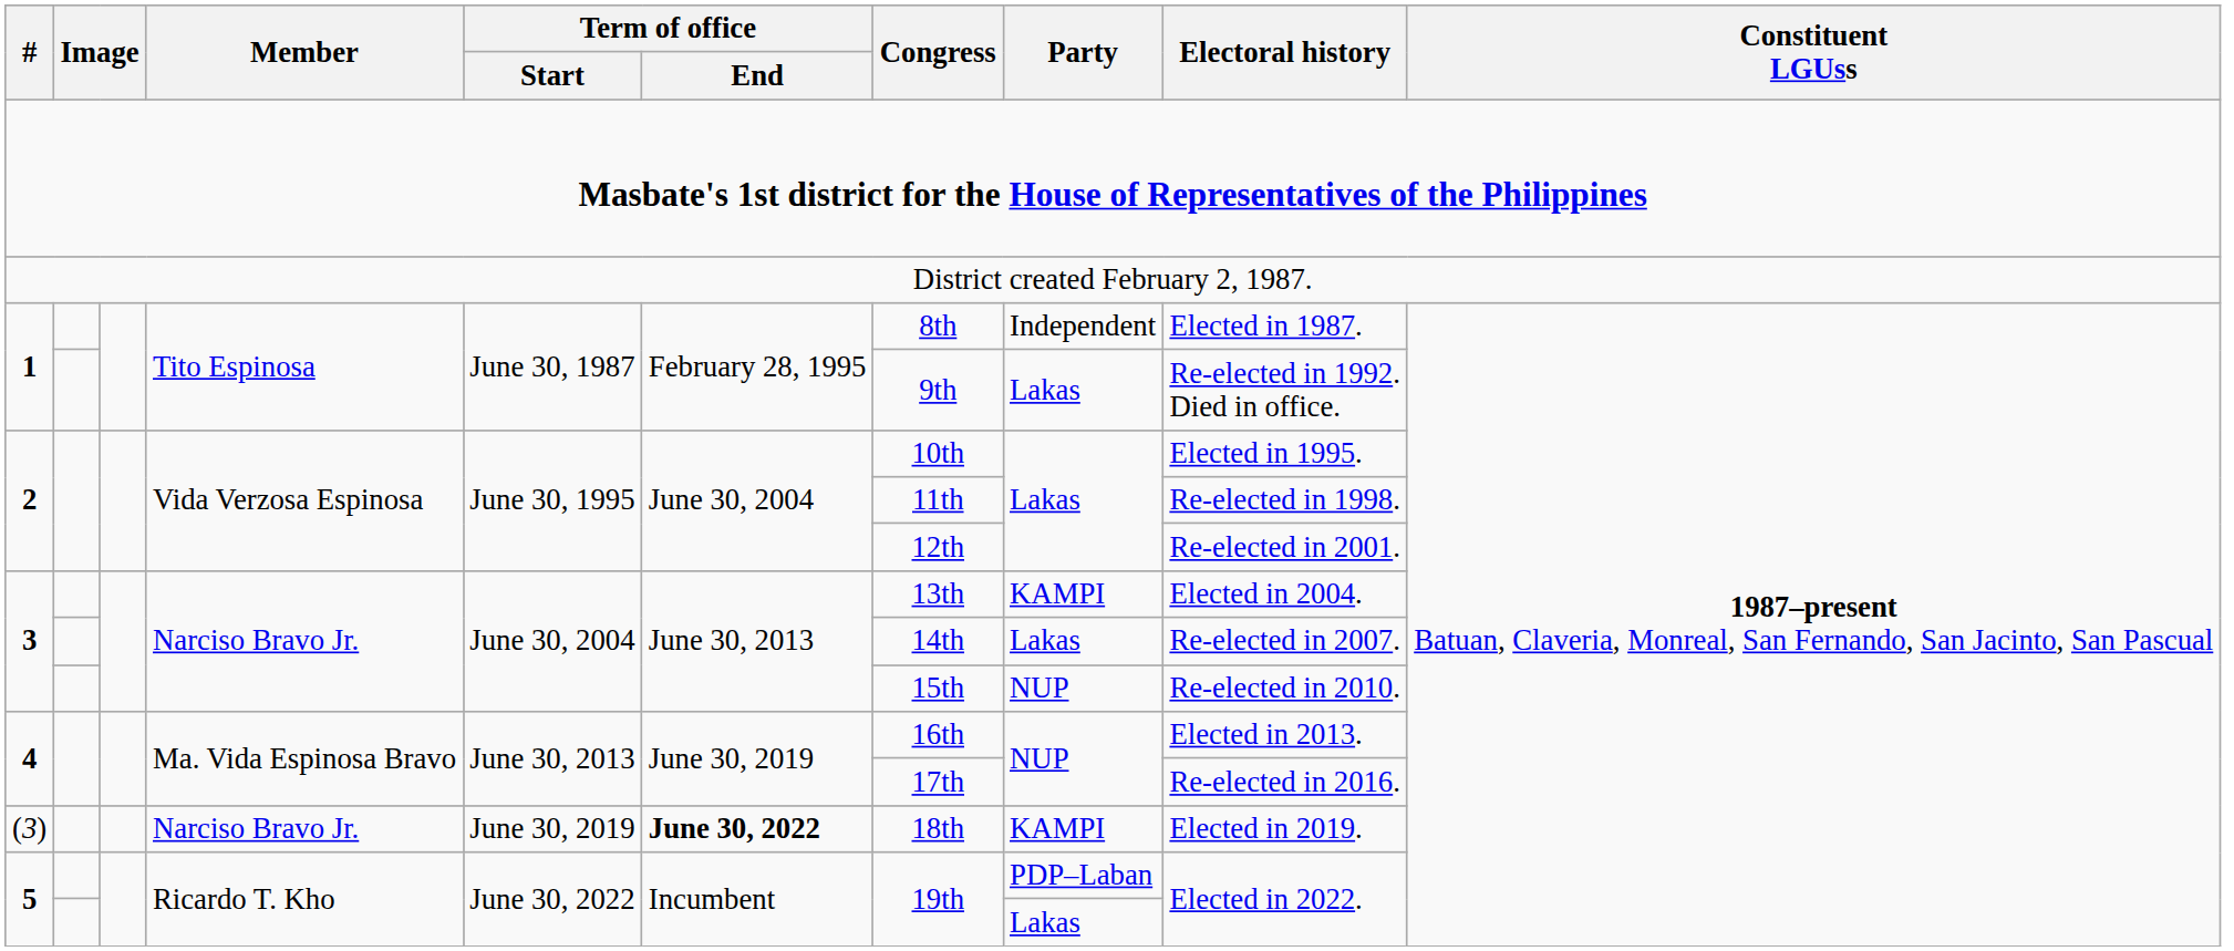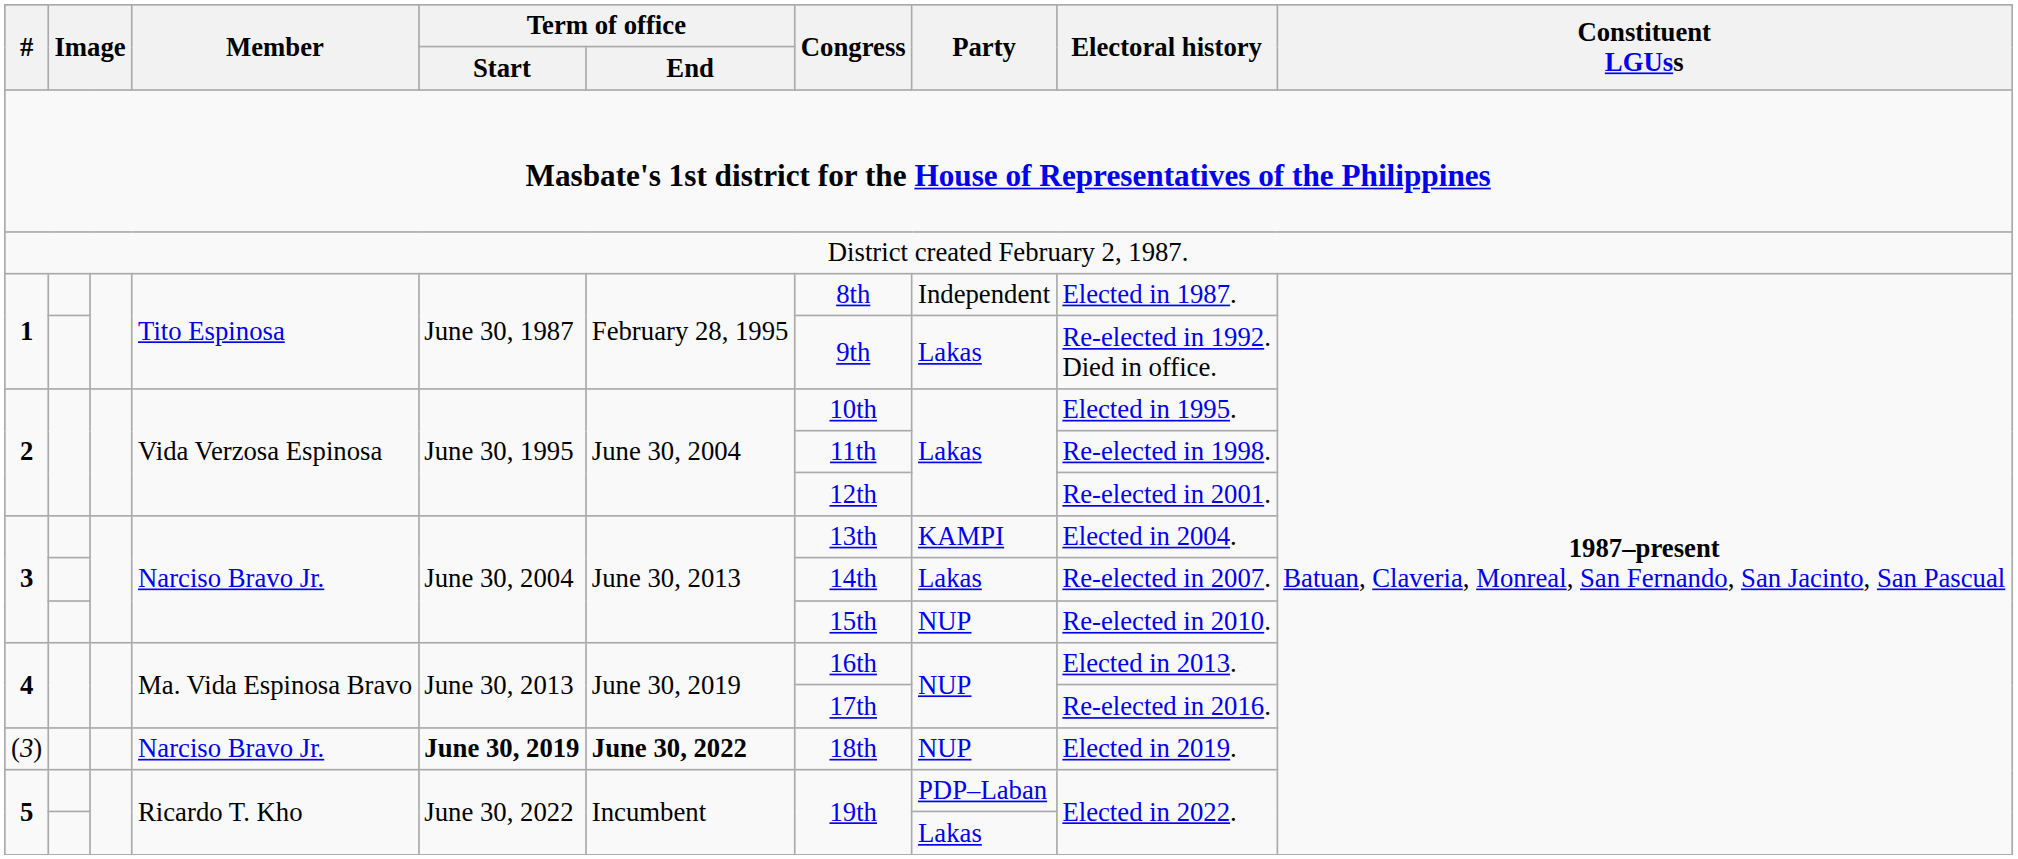 <table class=wikitable>
 <tr>
 <th rowspan="2">#</th>
 <th rowspan="2" colspan=2>Image</th>
 <th rowspan="2">Member</th>
 <th colspan=2>Term of office</th>
 <th rowspan="2">Congress</th>
 <th rowspan="2">Party</th>
 <th rowspan="2">Electoral history</th>
 <th rowspan="2">Constituent<br><a href='#'>LGUs</a>s</th>
 </tr>
 <tr>
 <th>Start</th>
 <th>End</th>
 </tr>
 <tr>
 <td colspan="10" style="text-align:center;"><br><h3>Masbate's 1st district for the <a href='#'>House of Representatives of the Philippines</a></h3></td>
 </tr>
 <tr>
 <td colspan="10" style="text-align:center;">District created February 2, 1987.</td>
 </tr>
 <tr>
 <td rowspan="2" style="text-align:center;"><strong>1</strong></td>
 <td style="color:inherit;background:"></td>
 <td rowspan="2"></td>
 <td rowspan="2"><a href='#'>Tito Espinosa</a></td>
 <td rowspan="2">June 30, 1987</td>
 <td rowspan="2">February 28, 1995</td>
 <td style="text-align:center;"><a href='#'>8th</a></td>
 <td>Independent</td>
 <td><a href='#'>Elected in 1987</a>.</td>
 <td rowspan="13" style="text-align:center;"><strong>1987–present</strong><br><a href='#'>Batuan</a>, <a href='#'>Claveria</a>, <a href='#'>Monreal</a>, <a href='#'>San Fernando</a>, <a href='#'>San Jacinto</a>, <a href='#'>San Pascual</a></td>
 </tr>
 <tr>
 <td style="color:inherit;background:"></td>
 <td style="text-align:center;"><a href='#'>9th</a></td>
 <td><a href='#'>Lakas</a></td>
 <td><a href='#'>Re-elected in 1992</a>.<br>Died in office.</td>
 </tr>
 <tr>
 <td rowspan="3" style="text-align:center;"><strong>2</strong></td>
 <td rowspan="3" style="color:inherit;background:"></td>
 <td rowspan="3"></td>
 <td rowspan="3">Vida Verzosa Espinosa</td>
 <td rowspan="3">June 30, 1995</td>
 <td rowspan="3">June 30, 2004</td>
 <td style="text-align:center;"><a href='#'>10th</a></td>
 <td rowspan="3"><a href='#'>Lakas</a></td>
 <td><a href='#'>Elected in 1995</a>.</td>
 </tr>
 <tr>
 <td style="text-align:center;"><a href='#'>11th</a></td>
 <td><a href='#'>Re-elected in 1998</a>.</td>
 </tr>
 <tr>
 <td style="text-align:center;"><a href='#'>12th</a></td>
 <td><a href='#'>Re-elected in 2001</a>.</td>
 </tr>
 <tr>
 <td rowspan="3" style="text-align:center;"><strong>3</strong></td>
 <td style="color:inherit;background:"></td>
 <td rowspan="3"></td>
 <td rowspan="3"><a href='#'>Narciso Bravo Jr.</a></td>
 <td rowspan="3">June 30, 2004</td>
 <td rowspan="3">June 30, 2013</td>
 <td style="text-align:center;"><a href='#'>13th</a></td>
 <td><a href='#'>KAMPI</a></td>
 <td><a href='#'>Elected in 2004</a>.</td>
 </tr>
 <tr>
 <td style="color:inherit;background:"></td>
 <td style="text-align:center;"><a href='#'>14th</a></td>
 <td><a href='#'>Lakas</a></td>
 <td><a href='#'>Re-elected in 2007</a>.</td>
 </tr>
 <tr>
 <td style="color:inherit;background:"></td>
 <td style="text-align:center;"><a href='#'>15th</a></td>
 <td><a href='#'>NUP</a></td>
 <td><a href='#'>Re-elected in 2010</a>.</td>
 </tr>
 <tr>
 <td rowspan="2" style="text-align:center;"><strong>4</strong></td>
 <td rowspan="2" style="color:inherit;background:"></td>
 <td rowspan="2"></td>
 <td rowspan="2">Ma. Vida Espinosa Bravo</td>
 <td rowspan="2">June 30, 2013</td>
 <td rowspan="2">June 30, 2019</td>
 <td style="text-align:center;"><a href='#'>16th</a></td>
 <td rowspan="2"><a href='#'>NUP</a></td>
 <td><a href='#'>Elected in 2013</a>.</td>
 </tr>
 <tr>
 <td style="text-align:center;"><a href='#'>17th</a></td>
 <td><a href='#'>Re-elected in 2016</a>.</td>
 </tr>
 <tr>
 <td style="text-align:center;">(<em>3</em>)</td>
 <td style="color:inherit;background:"></td>
 <td></td>
 <td><a href='#'>Narciso Bravo Jr.</a></td>
-<td>June 30, 2019</td>
+<td><strong>June 30, 2019</strong></td>
 <td><strong>June 30, 2022</strong></td>
 <td style="text-align:center;"><a href='#'>18th</a></td>
-<td><a href='#'>KAMPI</a></td>
+<td><a href='#'>NUP</a></td>
 <td><a href='#'>Elected in 2019</a>.</td>
 </tr>
 <tr>
 <td style="text-align:center;" rowspan="2"><strong>5</strong></td>
 <td style="color:inherit;background:"></td>
 <td rowspan="2"></td>
 <td rowspan="2">Ricardo T. Kho</td>
 <td rowspan="2">June 30, 2022</td>
 <td rowspan="2">Incumbent</td>
 <td style="text-align:center;" rowspan="2"><a href='#'>19th</a></td>
 <td><a href='#'>PDP–Laban</a></td>
 <td rowspan="2"><a href='#'>Elected in 2022</a>.</td>
 </tr>
 <tr>
 <td style="color:inherit;background:"></td>
 <td><a href='#'>Lakas</a></td>
 </tr>
 </table>
